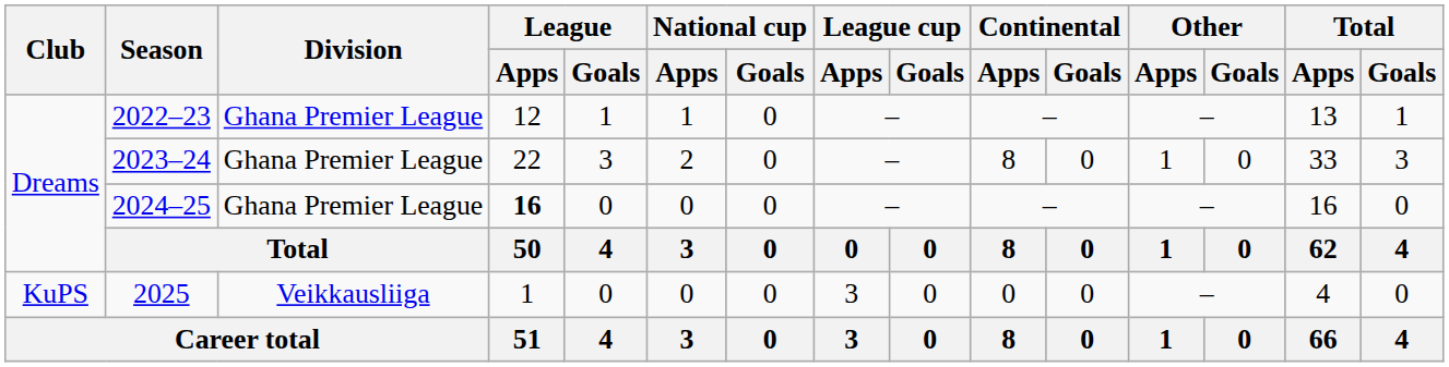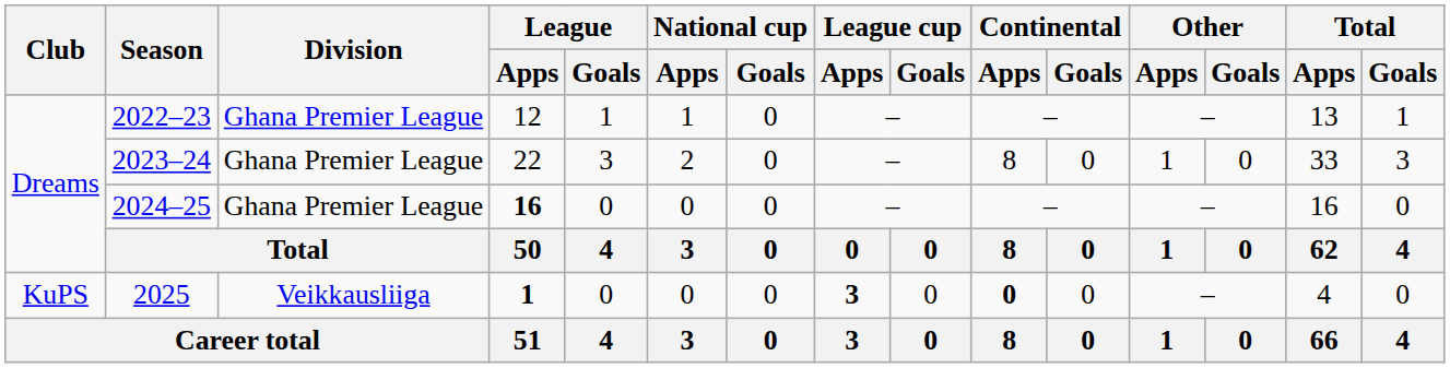 <table class="wikitable" style="text-align:center">
 <tr>
 <th rowspan="2">Club</th>
 <th rowspan="2">Season</th>
 <th rowspan="2">Division</th>
 <th colspan="2">League</th>
 <th colspan="2">National cup</th>
 <th colspan="2">League cup</th>
 <th colspan="2">Continental</th>
 <th colspan="2">Other</th>
 <th colspan="2">Total</th>
 </tr>
 <tr>
 <th>Apps</th>
 <th>Goals</th>
 <th>Apps</th>
 <th>Goals</th>
 <th>Apps</th>
 <th>Goals</th>
 <th>Apps</th>
 <th>Goals</th>
 <th>Apps</th>
 <th>Goals</th>
 <th>Apps</th>
 <th>Goals</th>
 </tr>
 <tr>
 <td rowspan=4><a href='#'>Dreams</a></td>
 <td><a href='#'>2022–23</a></td>
 <td><a href='#'>Ghana Premier League</a></td>
 <td>12</td>
 <td>1</td>
 <td>1</td>
 <td>0</td>
 <td colspan=2>–</td>
 <td colspan=2>–</td>
 <td colspan=2>–</td>
 <td>13</td>
 <td>1</td>
 </tr>
 <tr>
 <td><a href='#'>2023–24</a></td>
 <td>Ghana Premier League</td>
 <td>22</td>
 <td>3</td>
 <td>2</td>
 <td>0</td>
 <td colspan=2>–</td>
 <td>8</td>
 <td>0</td>
 <td>1</td>
 <td>0</td>
 <td>33</td>
 <td>3</td>
 </tr>
 <tr>
 <td><a href='#'>2024–25</a></td>
 <td>Ghana Premier League</td>
 <td><strong>16</strong></td>
 <td>0</td>
 <td>0</td>
 <td>0</td>
 <td colspan=2>–</td>
 <td colspan=2>–</td>
 <td colspan=2>–</td>
 <td>16</td>
 <td>0</td>
 </tr>
 <tr>
 <th colspan=2>Total</th>
 <th>50</th>
 <th>4</th>
 <th>3</th>
 <th>0</th>
 <th>0</th>
 <th>0</th>
 <th>8</th>
 <th>0</th>
 <th>1</th>
 <th>0</th>
 <th>62</th>
 <th>4</th>
 </tr>
 <tr>
 <td><a href='#'>KuPS</a></td>
 <td><a href='#'>2025</a></td>
 <td><a href='#'>Veikkausliiga</a></td>
-<td>1</td>
+<td><strong>1</strong></td>
 <td>0</td>
 <td>0</td>
 <td>0</td>
-<td>3</td>
+<td><strong>3</strong></td>
 <td>0</td>
-<td>0</td>
+<td><strong>0</strong></td>
 <td>0</td>
 <td colspan=2>–</td>
 <td>4</td>
 <td>0</td>
 </tr>
 <tr>
 <th colspan="3">Career total</th>
 <th>51</th>
 <th>4</th>
 <th>3</th>
 <th>0</th>
 <th>3</th>
 <th>0</th>
 <th>8</th>
 <th>0</th>
 <th>1</th>
 <th>0</th>
 <th>66</th>
 <th>4</th>
 </tr>
 </table>
